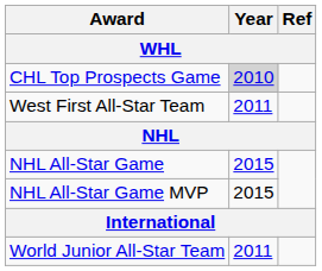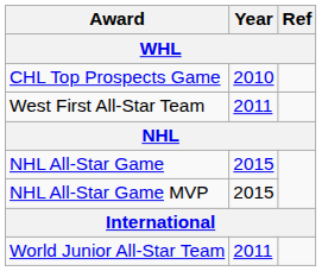 <table class="wikitable">
 <tr>
 <th>Award</th>
 <th>Year</th>
 <th>Ref</th>
 </tr>
 <tr>
 <th colspan="3"><a href='#'>WHL</a></th>
 </tr>
 <tr>
 <td><a href='#'>CHL Top Prospects Game</a></td>
-<td style="background: lightgrey;"><a href='#'>2010</a></td>
+<td><a href='#'>2010</a></td>
 <td></td>
 </tr>
 <tr>
 <td>West First All-Star Team</td>
 <td><a href='#'>2011</a></td>
 <td></td>
 </tr>
 <tr>
 <th colspan="3"><a href='#'>NHL</a></th>
 </tr>
 <tr>
 <td><a href='#'>NHL All-Star Game</a></td>
 <td><a href='#'>2015</a></td>
 <td rowspan="2"></td>
 </tr>
 <tr>
 <td><a href='#'>NHL All-Star Game</a> MVP</td>
 <td>2015</td>
 </tr>
 <tr>
 <th colspan="3"><a href='#'>International</a></th>
 </tr>
 <tr>
 <td><a href='#'>World Junior All-Star Team</a></td>
 <td><a href='#'>2011</a></td>
 <td></td>
 </tr>
 </table>
